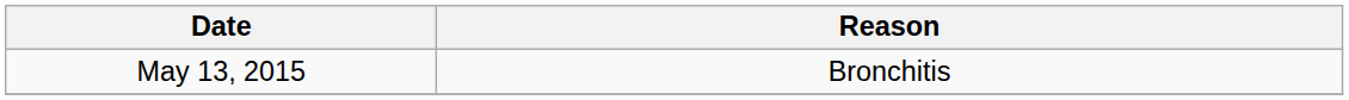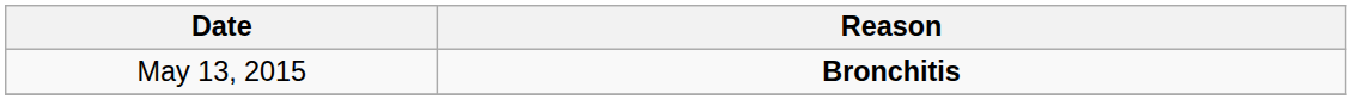 <table class="wikitable" style="text-align:center;">
 <tr>
 <th scope="col" style="width:15em;">Date</th>
 <th scope="col" style="width:32em;">Reason</th>
 </tr>
 <tr>
 <td>May 13, 2015</td>
-<td>Bronchitis</td>
+<td><strong>Bronchitis</strong></td>
 </tr>
 <tr>
 </tr>
 </table>
